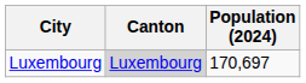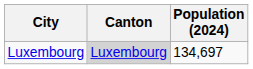 <table class="wikitable sortable sticky-header col3right">
 <tr>
 <th>City</th>
 <th>Canton</th>
 <th>Population<br>(2024)</th>
 </tr>
 <tr>
 <td><a href='#'>Luxembourg</a></td>
 <td style="background: lightgrey;"><a href='#'>Luxembourg</a></td>
-<td>170,697</td>
+<td>134,697</td>
 </tr>
 </table>
